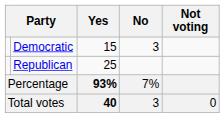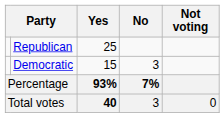 <table class="wikitable" style="float:right; background: #f9f9f9; text-align: right;">
 <tr>
 <th colspan="2" scope="col" style="width: 90px">Party</th>
 <th scope="col" style="width: 50px">Yes</th>
 <th scope="col" style="width: 50px">No</th>
 <th scope="col" style="width: 70px">Not voting</th>
 </tr>
 <tr>
 <td scope="row" style="background-color:"></td>
+<td scope="row" style="text-align: left;"><a href='#'>Republican</a></td>
+<td>25</td>
+<td></td>
+<td></td>
+</tr>
+<tr>
+<td scope="row" style="background-color:"></td>
 <td scope="row" style="text-align: left;"><a href='#'>Democratic</a></td>
 <td>15</td>
 <td>3</td>
 <td></td>
 </tr>
-<tr>
-<td scope="row" style="background-color:"></td>
-<td scope="row" style="text-align: left;"><a href='#'>Republican</a></td>
-<td>25</td>
-<td></td>
-<td></td>
-</tr>
 <tr class="tfoot" style="background:#f2f2f2;"|>
 <td scope="row" colspan="2" style="text-align:left;">Percentage</td>
 <td><strong>93%</strong></td>
-<td>7%</td>
+<td><strong>7%</strong></td>
 <td></td>
 </tr>
 <tr class="tfoot" style="background:#f2f2f2;">
 <td scope="row" colspan="2" style="text-align:left;">Total votes</td>
 <td> <strong>40</strong></td>
 <td>3</td>
 <td>0</td>
 </tr>
 </table>
